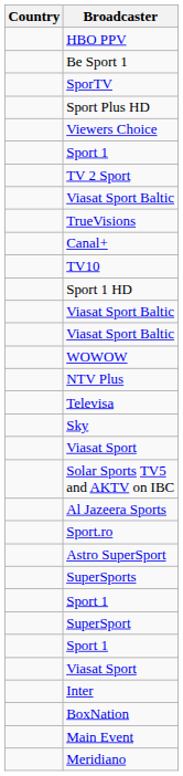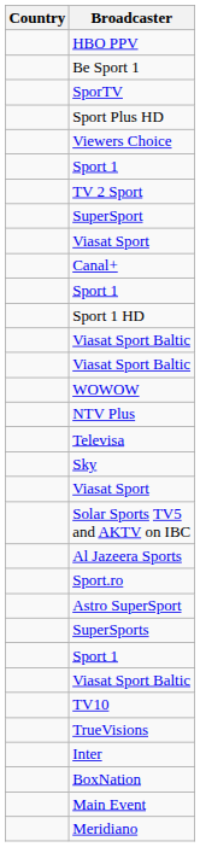 <table class="wikitable">
 <tr>
 <th align=center>Country</th>
 <th align=center>Broadcaster</th>
 </tr>
 <tr>
 <td></td>
 <td><a href='#'>HBO PPV</a></td>
 </tr>
 <tr>
 <td></td>
 <td>Be Sport 1</td>
 </tr>
 <tr>
 <td></td>
 <td><a href='#'>SporTV</a></td>
 </tr>
 <tr>
 <td></td>
 <td>Sport Plus HD</td>
 </tr>
 <tr>
 <td></td>
 <td><a href='#'>Viewers Choice</a></td>
 </tr>
 <tr>
 <td></td>
 <td><a href='#'>Sport 1</a></td>
 </tr>
 <tr>
 <td></td>
 <td><a href='#'>TV 2 Sport</a></td>
 </tr>
 <tr>
 <td></td>
-<td><a href='#'>Viasat Sport Baltic</a></td>
+<td><a href='#'>SuperSport</a></td>
 </tr>
 <tr>
 <td></td>
-<td><a href='#'>TrueVisions</a></td>
+<td><a href='#'>Viasat Sport</a></td>
 </tr>
 <tr>
 <td></td>
 <td><a href='#'>Canal+</a></td>
 </tr>
 <tr>
 <td></td>
-<td><a href='#'>TV10</a></td>
+<td><a href='#'>Sport 1</a></td>
 </tr>
 <tr>
 <td></td>
 <td>Sport 1 HD</td>
 </tr>
 <tr>
 <td></td>
 <td><a href='#'>Viasat Sport Baltic</a></td>
 </tr>
 <tr>
 <td></td>
 <td><a href='#'>Viasat Sport Baltic</a></td>
 </tr>
 <tr>
 <td></td>
 <td><a href='#'>WOWOW</a></td>
 </tr>
 <tr>
 <td></td>
 <td><a href='#'>NTV Plus</a></td>
 </tr>
 <tr>
 <td></td>
 <td><a href='#'>Televisa</a></td>
 </tr>
 <tr>
 <td></td>
 <td><a href='#'>Sky</a></td>
 </tr>
 <tr>
 <td></td>
 <td><a href='#'>Viasat Sport</a></td>
 </tr>
 <tr>
 <td></td>
 <td><a href='#'>Solar Sports</a> <a href='#'>TV5</a><br>and <a href='#'>AKTV</a> on IBC</td>
 </tr>
 <tr>
 <td></td>
 <td><a href='#'>Al Jazeera Sports</a></td>
 </tr>
 <tr>
 <td></td>
 <td><a href='#'>Sport.ro</a></td>
 </tr>
 <tr>
 <td></td>
 <td><a href='#'>Astro SuperSport</a></td>
 </tr>
 <tr>
 <td></td>
 <td><a href='#'>SuperSports</a></td>
 </tr>
 <tr>
 <td></td>
 <td><a href='#'>Sport 1</a></td>
 </tr>
 <tr>
 <td></td>
-<td><a href='#'>SuperSport</a></td>
+<td><a href='#'>Viasat Sport Baltic</a></td>
 </tr>
 <tr>
 <td></td>
-<td><a href='#'>Sport 1</a></td>
+<td><a href='#'>TV10</a></td>
 </tr>
 <tr>
 <td></td>
-<td><a href='#'>Viasat Sport</a></td>
+<td><a href='#'>TrueVisions</a></td>
 </tr>
 <tr>
 <td></td>
 <td><a href='#'>Inter</a></td>
 </tr>
 <tr>
 <td></td>
 <td><a href='#'>BoxNation</a></td>
 </tr>
 <tr>
 <td></td>
 <td><a href='#'>Main Event</a></td>
 </tr>
 <tr>
 <td></td>
 <td><a href='#'>Meridiano</a></td>
 </tr>
 </table>
